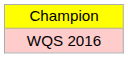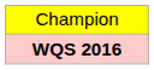 <table width=10% class="wikitable" style="text-align: center;">
 <tr>
 <td bgcolor=yellow>Champion</td>
 </tr>
 <tr>
-<td bgcolor=FFCCCC>WQS 2016</td>
+<td bgcolor=FFCCCC><strong>WQS 2016</strong></td>
 </tr>
 </table>
